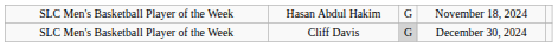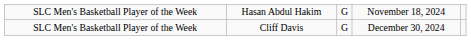 <table class="wikitable" style="width: 60%;text-align: center;">
 <tr align="center">
 <td rowspan="1">SLC Men's Basketball Player of the Week</td>
 <td>Hasan Abdul Hakim</td>
 <td>G</td>
 <td>November 18, 2024</td>
 <td></td>
 </tr>
 <tr align="center">
 <td rowspan="1">SLC Men's Basketball Player of the Week</td>
 <td>Cliff Davis</td>
-<td style="background: lightgrey;">G</td>
+<td>G</td>
 <td>December 30, 2024</td>
 <td></td>
 </tr>
 </table>
